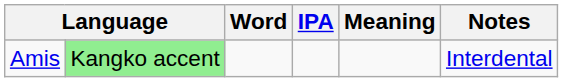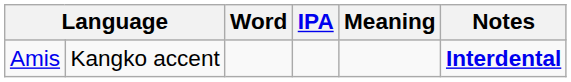 <table class="wikitable">
 <tr>
 <th colspan="2">Language</th>
 <th>Word</th>
 <th><a href='#'>IPA</a></th>
 <th>Meaning</th>
 <th>Notes</th>
 </tr>
 <tr>
 <td><a href='#'>Amis</a></td>
-<td style="background: lightgreen;">Kangko accent</td>
+<td>Kangko accent</td>
 <td></td>
 <td></td>
 <td></td>
-<td><a href='#'>Interdental</a> </td>
+<td><strong><a href='#'>Interdental</a> </strong></td>
 </tr>
 </table>
